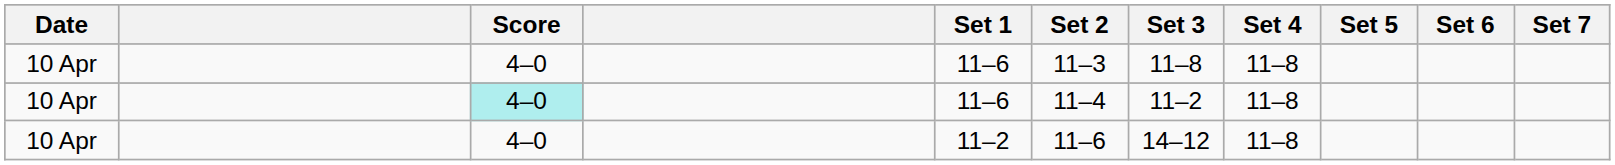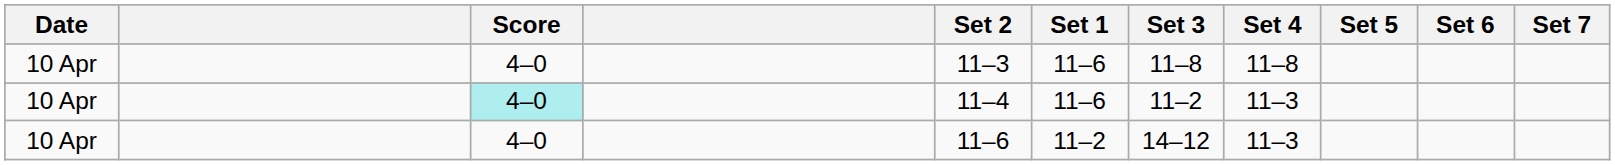 <table class="wikitable" style="text-align: center; font-size:90% ">
 <tr>
 <th width="60">Date</th>
 <th align="right" width="200"></th>
 <th width="60">Score</th>
 <th align="left" width="200"></th>
+<th width="50">Set 2</th>
 <th width="50">Set 1</th>
-<th width="50">Set 2</th>
 <th width="50">Set 3</th>
 <th width="50">Set 4</th>
 <th width="50">Set 5</th>
 <th width="50">Set 6</th>
 <th width="50">Set 7</th>
 </tr>
 <tr>
 <td>10 Apr</td>
 <td align=left><strong></strong></td>
 <td align=center>4–0</td>
 <td align=left></td>
+<td>11–3</td>
 <td>11–6</td>
-<td>11–3</td>
 <td>11–8</td>
 <td>11–8</td>
 <td></td>
 <td></td>
 <td></td>
 </tr>
 <tr>
 <td>10 Apr</td>
 <td align=left><strong></strong></td>
 <td align=center style="background: paleturquoise;">4–0</td>
 <td align=left></td>
+<td>11–4</td>
 <td>11–6</td>
-<td>11–4</td>
 <td>11–2</td>
-<td>11–8</td>
+<td>11–3</td>
 <td></td>
 <td></td>
 <td></td>
 </tr>
 <tr>
 <td>10 Apr</td>
 <td align=left><strong></strong></td>
 <td align=center>4–0</td>
 <td align=left></td>
+<td>11–6</td>
 <td>11–2</td>
-<td>11–6</td>
 <td>14–12</td>
-<td>11–8</td>
+<td>11–3</td>
 <td></td>
 <td></td>
 <td></td>
 </tr>
 </table>
